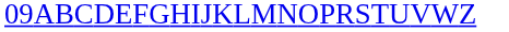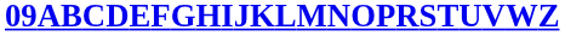 <table id="toc" class="toc" summary="Class">
 <tr>
 <th></th>
 </tr>
 <tr>
-<td style="text-align:center;"><a href='#'>09</a><a href='#'>A</a><a href='#'>B</a><a href='#'>C</a><a href='#'>D</a><a href='#'>E</a><a href='#'>F</a><a href='#'>G</a><a href='#'>H</a><a href='#'>I</a><a href='#'>J</a><a href='#'>K</a><a href='#'>L</a><a href='#'>M</a><a href='#'>N</a><a href='#'>O</a><a href='#'>P</a><a href='#'>R</a><a href='#'>S</a><a href='#'>T</a><a href='#'>U</a><a href='#'>V</a><a href='#'>W</a><a href='#'>Z</a></td>
+<td style="text-align:center;"><strong><a href='#'>09</a><a href='#'>A</a><a href='#'>B</a><a href='#'>C</a><a href='#'>D</a><a href='#'>E</a><a href='#'>F</a><a href='#'>G</a><a href='#'>H</a><a href='#'>I</a><a href='#'>J</a><a href='#'>K</a><a href='#'>L</a><a href='#'>M</a><a href='#'>N</a><a href='#'>O</a><a href='#'>P</a><a href='#'>R</a><a href='#'>S</a><a href='#'>T</a><a href='#'>U</a><a href='#'>V</a><a href='#'>W</a><a href='#'>Z</a></strong></td>
 </tr>
 </table>
